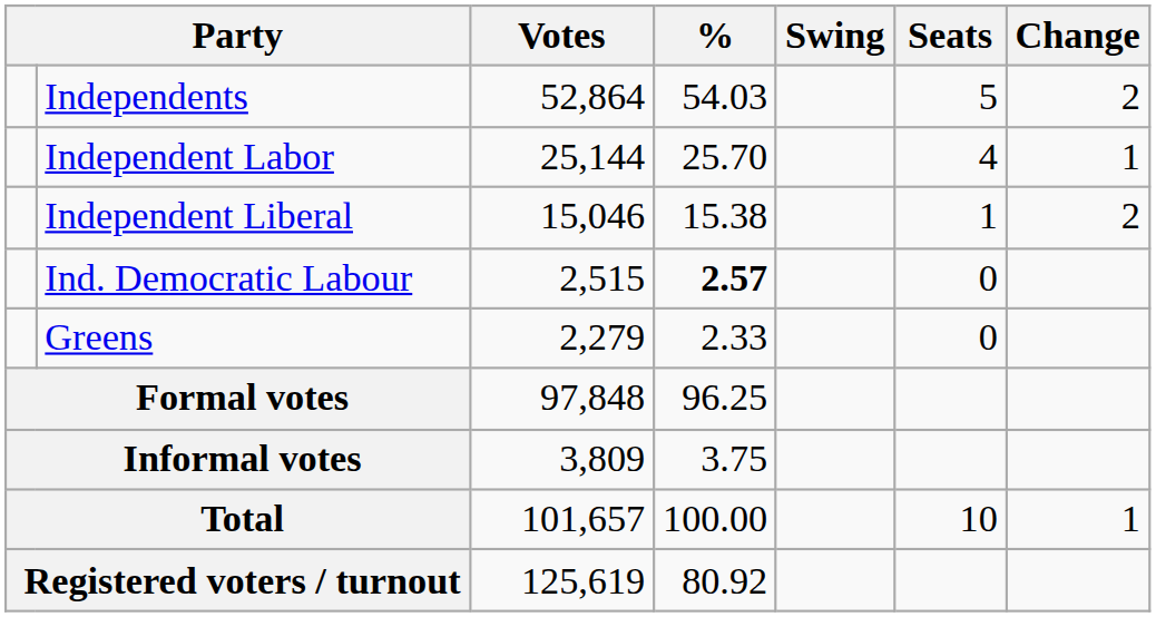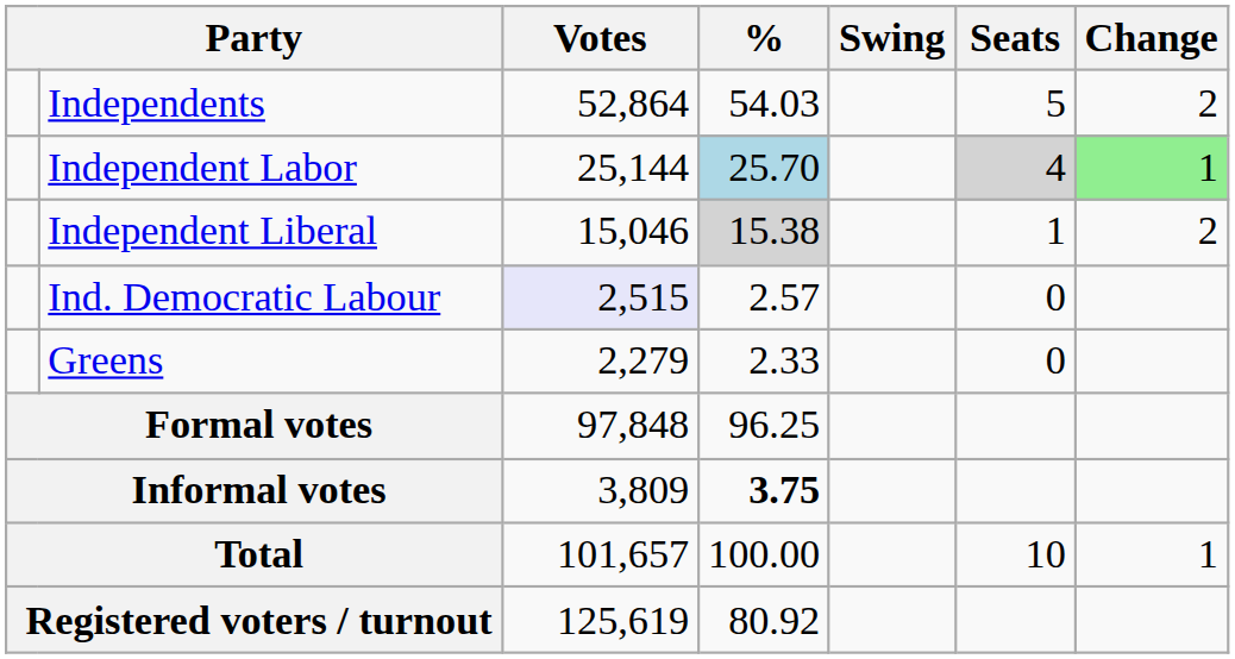 <table class="wikitable" style="text-align:right; margin-bottom:0">
 <tr>
 <th style="width:10px" colspan=3>Party</th>
 <th style="width:70px;">Votes</th>
 <th style="width:40px;">%</th>
 <th style="width:40px;">Swing</th>
 <th style="width:40px;">Seats</th>
 <th style="width:40px;">Change</th>
 </tr>
 <tr>
 <td> </td>
 <td style="text-align:left;" colspan="2"><a href='#'>Independents</a></td>
 <td>52,864</td>
 <td>54.03</td>
 <td></td>
 <td>5</td>
 <td> 2</td>
 </tr>
 <tr>
 <td> </td>
 <td style="text-align:left;" colspan="2"><a href='#'>Independent Labor</a></td>
 <td>25,144</td>
-<td>25.70</td>
+<td style="background: lightblue;">25.70</td>
 <td></td>
-<td>4</td>
-<td> 1</td>
+<td style="background: lightgrey;">4</td>
+<td style="background: lightgreen;"> 1</td>
 </tr>
 <tr>
 <td> </td>
 <td colspan="2" style="text-align:left;"><a href='#'>Independent Liberal</a></td>
 <td>15,046</td>
-<td>15.38</td>
+<td style="background: lightgrey;">15.38</td>
 <td></td>
 <td>1</td>
 <td> 2</td>
 </tr>
 <tr>
 <td> </td>
 <td colspan="2" style="text-align:left;"><a href='#'>Ind. Democratic Labour</a></td>
-<td>2,515</td>
-<td><strong>2.57</strong></td>
+<td style="background: lavender;">2,515</td>
+<td>2.57</td>
 <td></td>
 <td>0</td>
 <td></td>
 </tr>
 <tr>
 <td> </td>
 <td style="text-align:left;" colspan="2"><a href='#'>Greens</a></td>
 <td>2,279</td>
 <td>2.33</td>
 <td></td>
 <td>0</td>
 <td></td>
 </tr>
 <tr>
 <th colspan="3" rowspan="1"> Formal votes</th>
 <td>97,848</td>
 <td>96.25</td>
 <td></td>
 <td></td>
 <td></td>
 </tr>
 <tr>
 <th colspan="3" rowspan="1"> Informal votes</th>
 <td>3,809</td>
-<td>3.75</td>
+<td><strong>3.75</strong></td>
 <td></td>
 <td></td>
 <td></td>
 </tr>
 <tr>
 <th colspan="3" rowspan="1"> Total</th>
 <td>101,657</td>
 <td>100.00</td>
 <td></td>
 <td>10</td>
 <td> 1</td>
 </tr>
 <tr>
 <th colspan="3" rowspan="1"> Registered voters / turnout</th>
 <td>125,619</td>
 <td>80.92</td>
 <td></td>
 <td></td>
 <td></td>
 </tr>
 </table>
